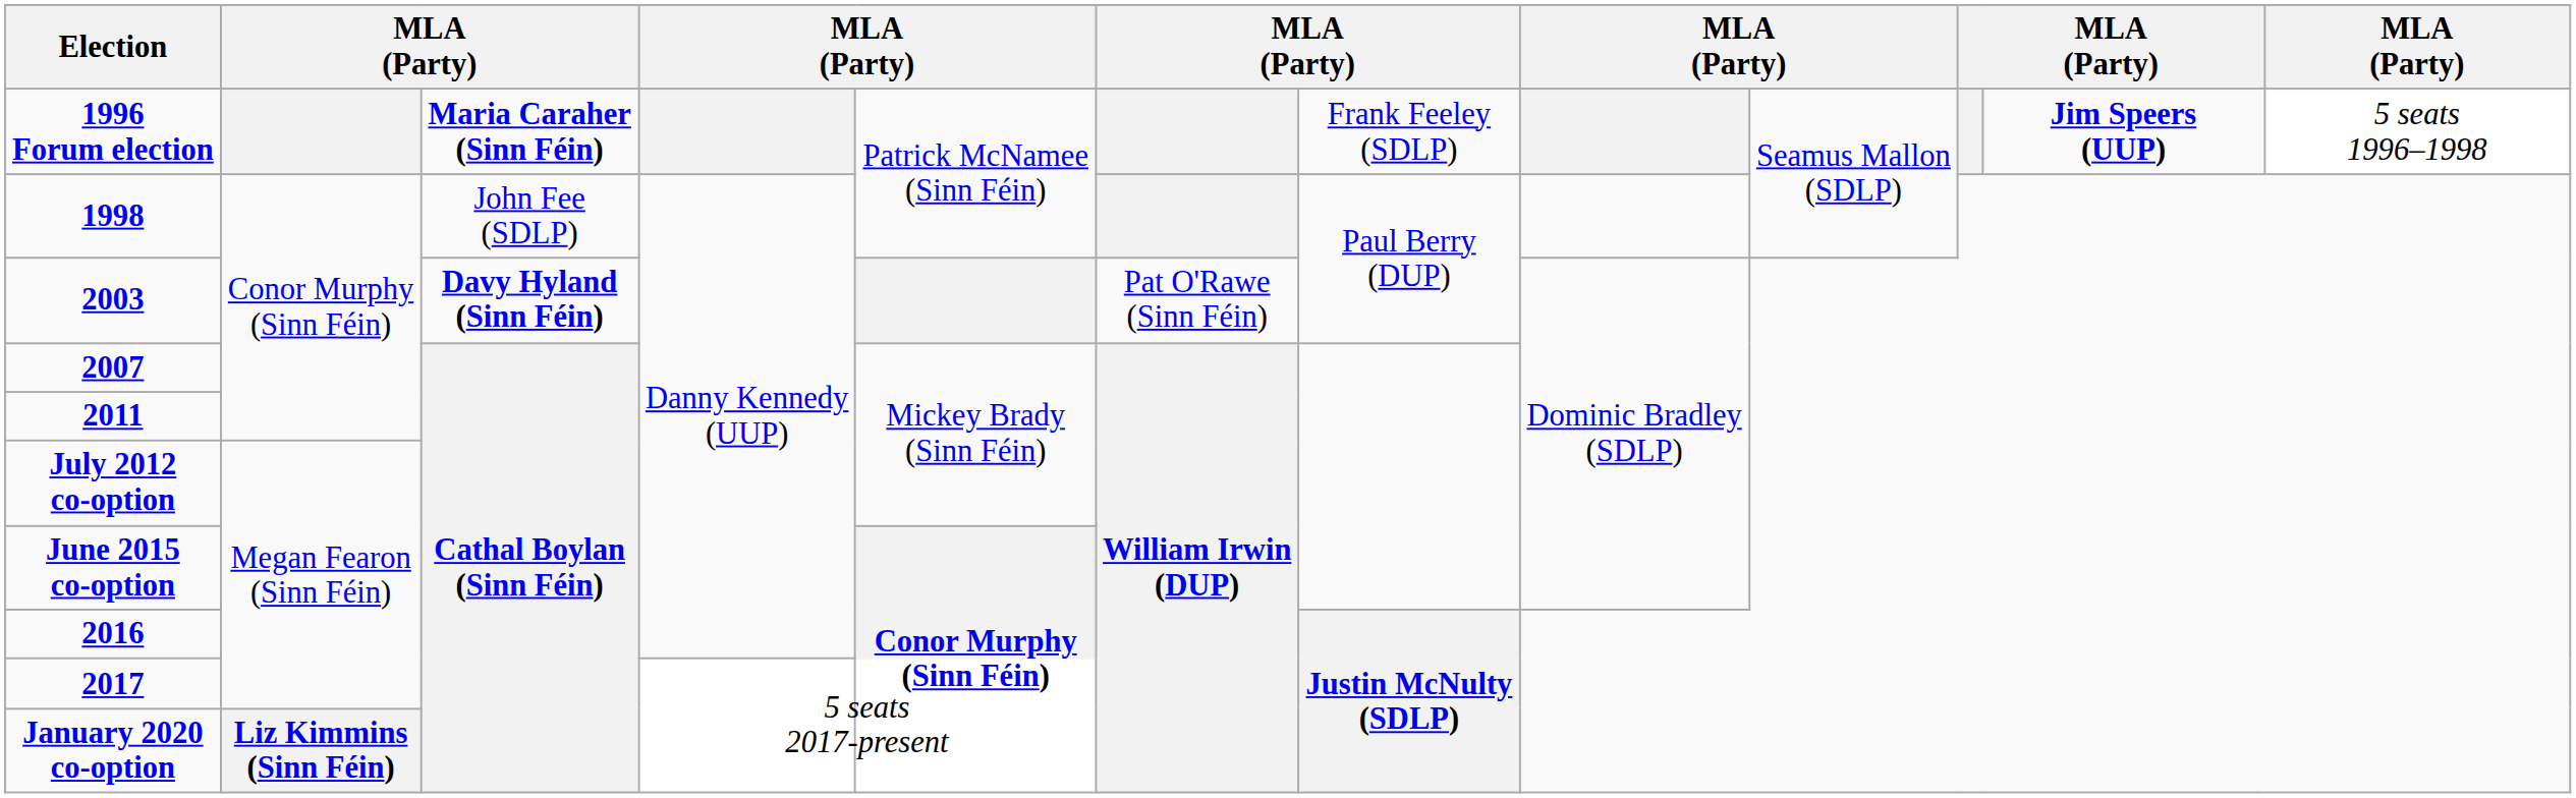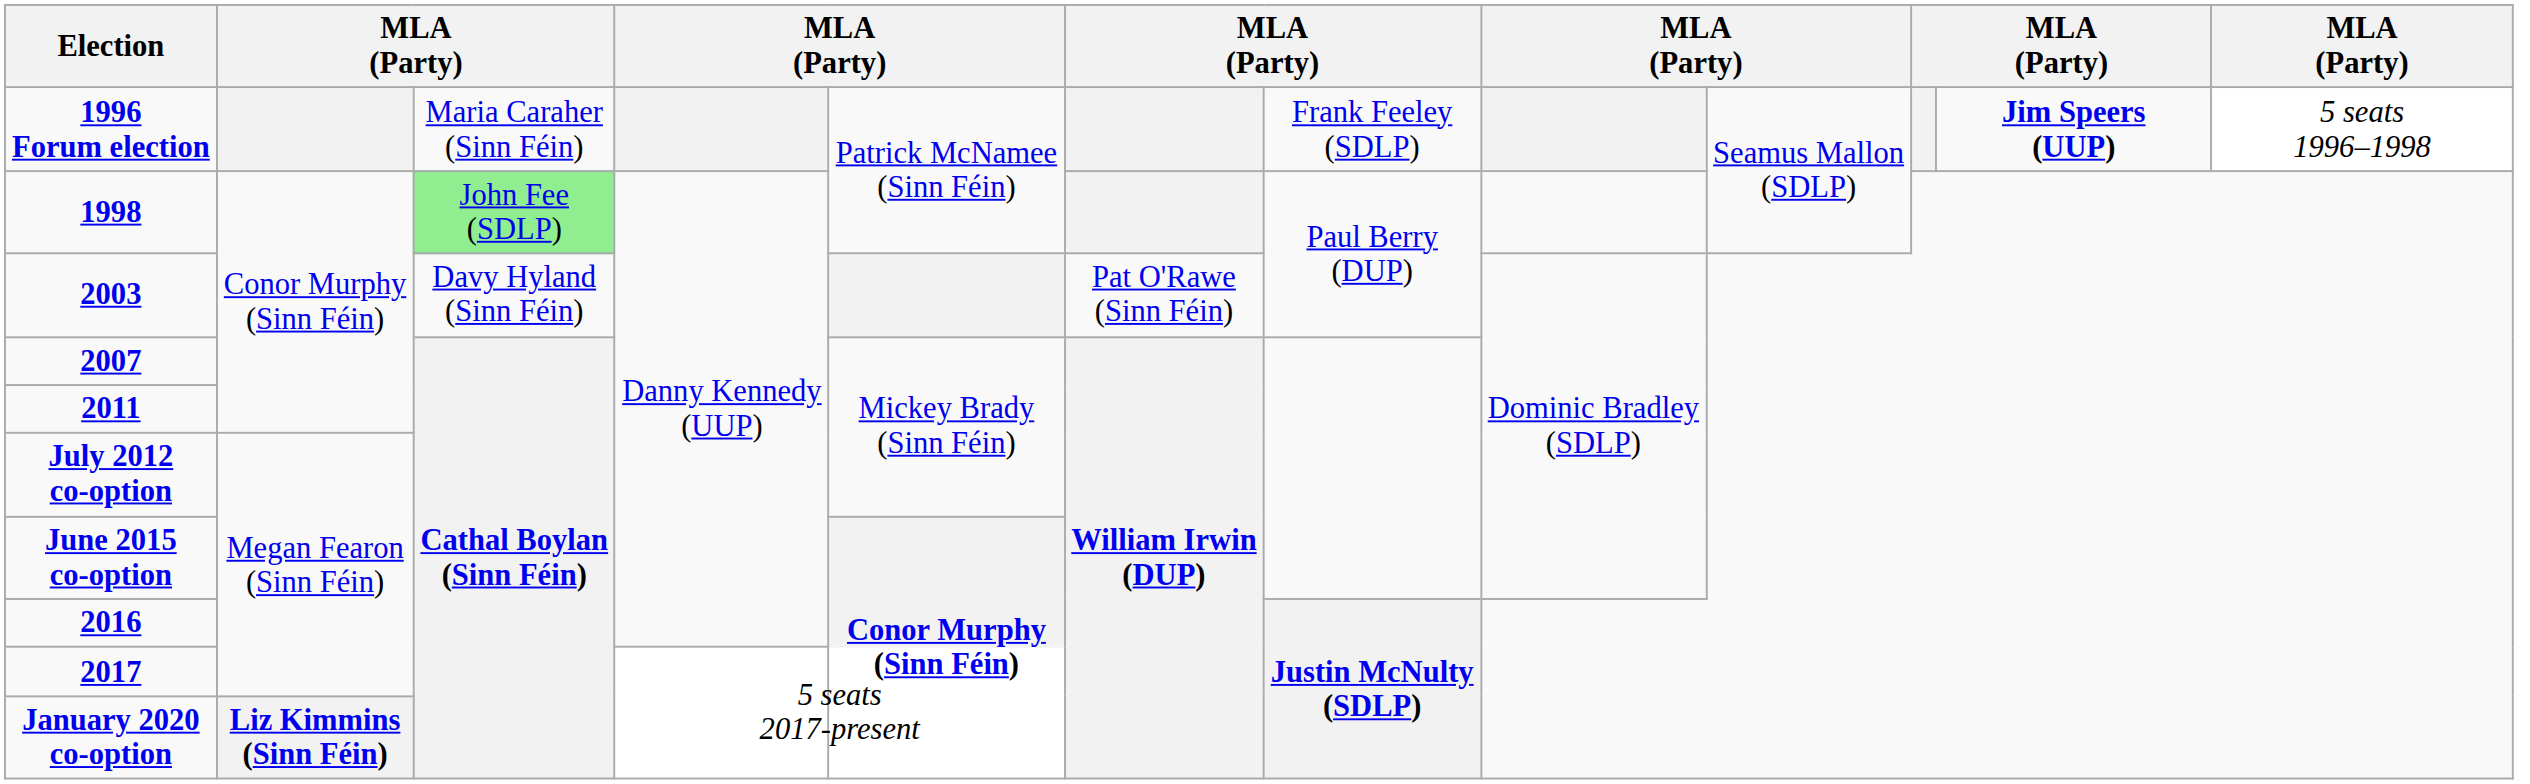 <table class="wikitable" style="text-align:center">
 <tr>
 <th>Election</th>
 <th scope="col" width="150" colspan = "2">MLA<br> (Party)</th>
 <th scope="col" width="150" colspan = "2">MLA<br> (Party)</th>
 <th scope="col" width="150" colspan = "2">MLA<br> (Party)</th>
 <th scope="col" width="150" colspan = "2">MLA<br> (Party)</th>
 <th scope="col" width="150" colspan = "2">MLA<br> (Party)</th>
 <th scope="col" width="150" colspan = "2">MLA<br> (Party)</th>
 </tr>
 <tr>
 <td><strong><a href='#'>1996<br>Forum election</a></strong></td>
 <th style="background-color: "></th>
-<td><strong><a href='#'>Maria Caraher</a><br>(<a href='#'>Sinn Féin</a>)</strong></td>
+<td><a href='#'>Maria Caraher</a><br>(<a href='#'>Sinn Féin</a>)</td>
 <th style="background-color: "></th>
 <td rowspan=2><a href='#'>Patrick McNamee</a><br>(<a href='#'>Sinn Féin</a>)</td>
 <th style="background-color: "></th>
 <td><a href='#'>Frank Feeley</a><br>(<a href='#'>SDLP</a>)</td>
 <th style="background-color: "></th>
 <td rowspan=2><a href='#'>Seamus Mallon</a><br>(<a href='#'>SDLP</a>)</td>
 <th style="background-color: "></th>
 <td><strong><a href='#'>Jim Speers</a><br>(<a href='#'>UUP</a>)</strong></td>
 <td style="background-color:#FFFFFF" colspan=2><em>5 seats<br>1996–1998</em></td>
 </tr>
 <tr>
 <td><strong><a href='#'>1998</a></strong></td>
 <td rowspan=4><a href='#'>Conor Murphy</a><br>(<a href='#'>Sinn Féin</a>)</td>
-<td><a href='#'>John Fee</a><br>(<a href='#'>SDLP</a>)</td>
+<td style="background: lightgreen;"><a href='#'>John Fee</a><br>(<a href='#'>SDLP</a>)</td>
 <td rowspan=7><a href='#'>Danny Kennedy</a><br>(<a href='#'>UUP</a>)</td>
 <th style="background-color: "></th>
 <td rowspan=2><a href='#'>Paul Berry</a><br>(<a href='#'>DUP</a>)</td>
 </tr>
 <tr>
 <td><strong><a href='#'>2003</a></strong></td>
-<td><strong><a href='#'>Davy Hyland</a><br>(<a href='#'>Sinn Féin</a>)</strong></td>
+<td><a href='#'>Davy Hyland</a><br>(<a href='#'>Sinn Féin</a>)</td>
 <th style="background-color: "></th>
 <td><a href='#'>Pat O'Rawe</a><br>(<a href='#'>Sinn Féin</a>)</td>
 <td rowspan=5><a href='#'>Dominic Bradley</a><br>(<a href='#'>SDLP</a>)</td>
 </tr>
 <tr>
 <td><strong><a href='#'>2007</a></strong></td>
 <th rowspan=7><a href='#'>Cathal Boylan</a><br>(<a href='#'>Sinn Féin</a>)</th>
 <td rowspan=3><a href='#'>Mickey Brady</a><br>(<a href='#'>Sinn Féin</a>)</td>
 <th rowspan=7><a href='#'>William Irwin</a><br>(<a href='#'>DUP</a>)</th>
 </tr>
 <tr>
 <td><strong><a href='#'>2011</a></strong></td>
 </tr>
 <tr>
 <td><strong><a href='#'>July 2012<br>co-option</a></strong></td>
 <td rowspan=4><a href='#'>Megan Fearon</a><br>(<a href='#'>Sinn Féin</a>)</td>
 </tr>
 <tr>
 <td><strong><a href='#'>June 2015<br>co-option</a></strong></td>
 <th rowspan=4><a href='#'>Conor Murphy</a><br>(<a href='#'>Sinn Féin</a>)</th>
 </tr>
 <tr>
 <td><strong><a href='#'>2016</a></strong></td>
 <th rowspan=3><a href='#'>Justin McNulty</a><br>(<a href='#'>SDLP</a>)</th>
 </tr>
 <tr>
 <td><strong><a href='#'>2017</a></strong></td>
 <td style="background-color:#FFFFFF" colspan=2 rowspan=2><em>5 seats<br>2017-present</em></td>
 </tr>
 <tr>
 <td><strong><a href='#'>January 2020<br>co-option</a></strong></td>
 <th><a href='#'>Liz Kimmins</a><br>(<a href='#'>Sinn Féin</a>)</th>
 </tr>
 </table>
